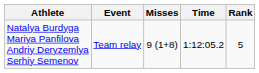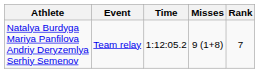 <table class="wikitable" style="font-size:90%">
 <tr>
 <th>Athlete</th>
 <th>Event</th>
+<th>Time</th>
 <th>Misses</th>
-<th>Time</th>
 <th>Rank</th>
 </tr>
 <tr align=center>
 <td align=left><a href='#'>Natalya Burdyga</a><br><a href='#'>Mariya Panfilova</a><br><a href='#'>Andriy Deryzemlya</a><br><a href='#'>Serhiy Semenov</a></td>
 <td align=left><a href='#'>Team relay</a></td>
+<td>1:12:05.2</td>
 <td>9 (1+8)</td>
-<td>1:12:05.2</td>
-<td>5</td>
+<td>7</td>
 </tr>
 </table>
